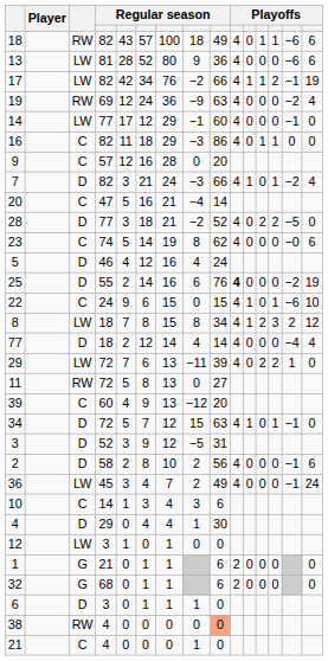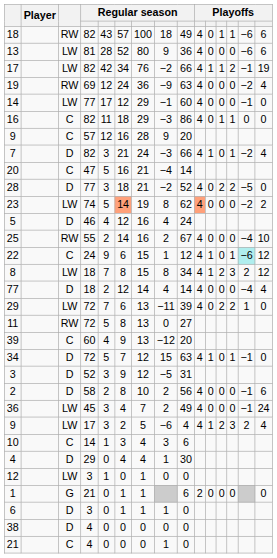 <table class="wikitable sortable plainrowheaders" style="text-align:center;">
 <tr>
 <th scope="col" data-sort-type="number" rowspan="2"></th>
 <th scope="col" rowspan="2">Player</th>
 <th scope="col" rowspan="2"></th>
 <th scope=colgroup colspan=6>Regular season</th>
 <th scope=colgroup colspan=6>Playoffs</th>
 </tr>
 <tr>
 <th scope="col" data-sort-type="number"></th>
 <th scope="col" data-sort-type="number"></th>
 <th scope="col" data-sort-type="number"></th>
 <th scope="col" data-sort-type="number"></th>
 <th scope="col" data-sort-type="number"></th>
 <th scope="col" data-sort-type="number"></th>
 <th scope="col" data-sort-type="number"></th>
 <th scope="col" data-sort-type="number"></th>
 <th scope="col" data-sort-type="number"></th>
 <th scope="col" data-sort-type="number"></th>
 <th scope="col" data-sort-type="number"></th>
 <th scope="col" data-sort-type="number"></th>
 </tr>
 <tr>
 <td scope="row">18</td>
 <td align="left"></td>
 <td>RW</td>
 <td>82</td>
 <td>43</td>
 <td>57</td>
 <td>100</td>
 <td>18</td>
 <td>49</td>
 <td>4</td>
 <td>0</td>
 <td>1</td>
 <td>1</td>
 <td>−6</td>
 <td>6</td>
 </tr>
 <tr>
 <td scope="row">13</td>
 <td align="left"></td>
 <td>LW</td>
 <td>81</td>
 <td>28</td>
 <td>52</td>
 <td>80</td>
 <td>9</td>
 <td>36</td>
 <td>4</td>
 <td>0</td>
 <td>0</td>
 <td>0</td>
 <td>−6</td>
 <td>6</td>
 </tr>
 <tr>
 <td scope="row">17</td>
 <td align="left"></td>
 <td>LW</td>
 <td>82</td>
 <td>42</td>
 <td>34</td>
 <td>76</td>
 <td>−2</td>
 <td>66</td>
 <td>4</td>
 <td>1</td>
 <td>1</td>
 <td>2</td>
 <td>−1</td>
 <td>19</td>
 </tr>
 <tr>
 <td scope="row">19</td>
 <td align="left"></td>
 <td>RW</td>
 <td>69</td>
 <td>12</td>
 <td>24</td>
 <td>36</td>
 <td>−9</td>
 <td>63</td>
 <td>4</td>
 <td>0</td>
 <td>0</td>
 <td>0</td>
 <td>−2</td>
 <td>4</td>
 </tr>
 <tr>
 <td scope="row">14</td>
 <td align="left"></td>
 <td>LW</td>
 <td>77</td>
 <td>17</td>
 <td>12</td>
 <td>29</td>
 <td>−1</td>
 <td>60</td>
 <td>4</td>
 <td>0</td>
 <td>0</td>
 <td>0</td>
 <td>−1</td>
 <td>0</td>
 </tr>
 <tr>
 <td scope="row">16</td>
 <td align="left"></td>
 <td>C</td>
 <td>82</td>
 <td>11</td>
 <td>18</td>
 <td>29</td>
 <td>−3</td>
 <td>86</td>
 <td>4</td>
 <td>0</td>
 <td>1</td>
 <td>1</td>
 <td>0</td>
 <td>0</td>
 </tr>
 <tr>
 <td scope="row">9</td>
 <td align="left"></td>
 <td>C</td>
 <td>57</td>
 <td>12</td>
 <td>16</td>
 <td>28</td>
-<td>0</td>
+<td>9</td>
 <td>20</td>
 <td></td>
 <td></td>
 <td></td>
 <td></td>
 <td></td>
 <td></td>
 </tr>
 <tr>
 <td scope="row">7</td>
 <td align="left"></td>
 <td>D</td>
 <td>82</td>
 <td>3</td>
 <td>21</td>
 <td>24</td>
 <td>−3</td>
 <td>66</td>
 <td>4</td>
 <td>1</td>
 <td>0</td>
 <td>1</td>
 <td>−2</td>
 <td>4</td>
 </tr>
 <tr>
 <td scope="row">20</td>
 <td align="left"></td>
 <td>C</td>
 <td>47</td>
 <td>5</td>
 <td>16</td>
 <td>21</td>
 <td>−4</td>
 <td>14</td>
 <td></td>
 <td></td>
 <td></td>
 <td></td>
 <td></td>
 <td></td>
 </tr>
 <tr>
 <td scope="row">28</td>
 <td align="left"></td>
 <td>D</td>
 <td>77</td>
 <td>3</td>
 <td>18</td>
 <td>21</td>
 <td>−2</td>
 <td>52</td>
 <td>4</td>
 <td>0</td>
 <td>2</td>
 <td>2</td>
 <td>−5</td>
 <td>0</td>
 </tr>
 <tr>
 <td scope="row">23</td>
 <td align="left"></td>
-<td>C</td>
+<td>LW</td>
 <td>74</td>
 <td>5</td>
-<td>14</td>
+<td style="background: lightsalmon;">14</td>
 <td>19</td>
 <td>8</td>
 <td>62</td>
-<td>4</td>
+<td style="background: lightsalmon;">4</td>
 <td>0</td>
 <td>0</td>
 <td>0</td>
-<td>−0</td>
-<td>6</td>
+<td>−2</td>
+<td>2</td>
 </tr>
 <tr>
 <td scope="row">5</td>
 <td align="left"></td>
 <td>D</td>
 <td>46</td>
 <td>4</td>
 <td>12</td>
 <td>16</td>
 <td>4</td>
 <td>24</td>
 <td></td>
 <td></td>
 <td></td>
 <td></td>
 <td></td>
 <td></td>
 </tr>
 <tr>
 <td scope="row">25</td>
 <td align="left"></td>
-<td>D</td>
+<td>RW</td>
 <td>55</td>
 <td>2</td>
 <td>14</td>
 <td>16</td>
-<td>6</td>
-<td>76</td>
-<td><strong>4</strong></td>
+<td>2</td>
+<td>67</td>
+<td>4</td>
 <td>0</td>
 <td>0</td>
 <td>0</td>
-<td>−2</td>
-<td>19</td>
+<td>−4</td>
+<td>10</td>
 </tr>
 <tr>
 <td scope="row">22</td>
 <td align="left"></td>
 <td>C</td>
 <td>24</td>
 <td>9</td>
 <td>6</td>
 <td>15</td>
-<td>0</td>
-<td>15</td>
+<td>1</td>
+<td>12</td>
 <td>4</td>
 <td>1</td>
 <td>0</td>
 <td>1</td>
-<td>−6</td>
-<td>10</td>
+<td style="background: paleturquoise;">−6</td>
+<td>12</td>
 </tr>
 <tr>
 <td scope="row">8</td>
 <td align="left"></td>
 <td>LW</td>
 <td>18</td>
 <td>7</td>
 <td>8</td>
 <td>15</td>
 <td>8</td>
 <td>34</td>
 <td>4</td>
 <td>1</td>
 <td>2</td>
 <td>3</td>
 <td>2</td>
 <td>12</td>
 </tr>
 <tr>
 <td scope="row">77</td>
 <td align="left"></td>
 <td>D</td>
 <td>18</td>
 <td>2</td>
 <td>12</td>
 <td>14</td>
 <td>4</td>
 <td>14</td>
 <td>4</td>
 <td>0</td>
 <td>0</td>
 <td>0</td>
 <td>−4</td>
 <td>4</td>
 </tr>
 <tr>
 <td scope="row">29</td>
 <td align="left"></td>
 <td>LW</td>
 <td>72</td>
 <td>7</td>
 <td>6</td>
 <td>13</td>
 <td>−11</td>
 <td>39</td>
 <td>4</td>
 <td>0</td>
 <td>2</td>
 <td>2</td>
 <td>1</td>
 <td>0</td>
 </tr>
 <tr>
 <td scope="row">11</td>
 <td align="left"></td>
 <td>RW</td>
 <td>72</td>
 <td>5</td>
 <td>8</td>
 <td>13</td>
 <td>0</td>
 <td>27</td>
 <td></td>
 <td></td>
 <td></td>
 <td></td>
 <td></td>
 <td></td>
 </tr>
 <tr>
 <td scope="row">39</td>
 <td align="left"></td>
 <td>C</td>
 <td>60</td>
 <td>4</td>
 <td>9</td>
 <td>13</td>
 <td>−12</td>
 <td>20</td>
 <td></td>
 <td></td>
 <td></td>
 <td></td>
 <td></td>
 <td></td>
 </tr>
 <tr>
 <td scope="row">34</td>
 <td align="left"></td>
 <td>D</td>
 <td>72</td>
 <td>5</td>
 <td>7</td>
 <td>12</td>
 <td>15</td>
 <td>63</td>
 <td>4</td>
 <td>1</td>
 <td>0</td>
 <td>1</td>
 <td>−1</td>
 <td>0</td>
 </tr>
 <tr>
 <td scope="row">3</td>
 <td align="left"></td>
 <td>D</td>
 <td>52</td>
 <td>3</td>
 <td>9</td>
 <td>12</td>
 <td>−5</td>
 <td>31</td>
 <td></td>
 <td></td>
 <td></td>
 <td></td>
 <td></td>
 <td></td>
 </tr>
 <tr>
 <td scope="row">2</td>
 <td align="left"></td>
 <td>D</td>
 <td>58</td>
 <td>2</td>
 <td>8</td>
 <td>10</td>
 <td>2</td>
 <td>56</td>
 <td>4</td>
 <td>0</td>
 <td>0</td>
 <td>0</td>
 <td>−1</td>
 <td>6</td>
 </tr>
 <tr>
 <td scope="row">36</td>
 <td align="left"></td>
 <td>LW</td>
 <td>45</td>
 <td>3</td>
 <td>4</td>
 <td>7</td>
 <td>2</td>
 <td>49</td>
 <td>4</td>
 <td>0</td>
 <td>0</td>
 <td>0</td>
 <td>−1</td>
 <td>24</td>
 </tr>
 <tr>
+<td scope="row">9</td>
+<td align="left"></td>
+<td>LW</td>
+<td>17</td>
+<td>3</td>
+<td>2</td>
+<td>5</td>
+<td>−6</td>
+<td>4</td>
+<td>4</td>
+<td>1</td>
+<td>2</td>
+<td>3</td>
+<td>2</td>
+<td>4</td>
+</tr>
+<tr>
 <td scope="row">10</td>
 <td align="left"></td>
 <td>C</td>
 <td>14</td>
 <td>1</td>
 <td>3</td>
 <td>4</td>
 <td>3</td>
 <td>6</td>
 <td></td>
 <td></td>
 <td></td>
 <td></td>
 <td></td>
 <td></td>
 </tr>
 <tr>
 <td scope="row">4</td>
 <td align="left"></td>
 <td>D</td>
 <td>29</td>
 <td>0</td>
 <td>4</td>
 <td>4</td>
 <td>1</td>
 <td>30</td>
 <td></td>
 <td></td>
 <td></td>
 <td></td>
 <td></td>
 <td></td>
 </tr>
 <tr>
 <td scope="row">12</td>
 <td align="left"></td>
 <td>LW</td>
 <td>3</td>
 <td>1</td>
 <td>0</td>
 <td>1</td>
 <td>0</td>
 <td>0</td>
 <td></td>
 <td></td>
 <td></td>
 <td></td>
 <td></td>
 <td></td>
 </tr>
 <tr>
 <td scope="row">1</td>
 <td align="left"></td>
 <td>G</td>
 <td>21</td>
 <td>0</td>
 <td>1</td>
 <td>1</td>
 <td style="background:#ccc"></td>
 <td>6</td>
 <td>2</td>
 <td>0</td>
 <td>0</td>
 <td>0</td>
 <td style="background:#ccc"></td>
 <td>0</td>
 </tr>
 <tr>
-<td scope="row">32</td>
-<td align="left"></td>
-<td>G</td>
-<td>68</td>
-<td>0</td>
-<td>1</td>
-<td>1</td>
-<td style="background:#ccc"></td>
-<td>6</td>
-<td>2</td>
-<td>0</td>
-<td>0</td>
-<td>0</td>
-<td style="background:#ccc"></td>
-<td>0</td>
-</tr>
-<tr>
 <td scope="row">6</td>
 <td align="left"></td>
 <td>D</td>
 <td>3</td>
 <td>0</td>
 <td>1</td>
 <td>1</td>
 <td>1</td>
 <td>0</td>
 <td></td>
 <td></td>
 <td></td>
 <td></td>
 <td></td>
 <td></td>
 </tr>
 <tr>
 <td scope="row">38</td>
 <td align="left"></td>
-<td>RW</td>
+<td>D</td>
 <td>4</td>
 <td>0</td>
 <td>0</td>
 <td>0</td>
 <td>0</td>
-<td style="background: lightsalmon;">0</td>
+<td>0</td>
 <td></td>
 <td></td>
 <td></td>
 <td></td>
 <td></td>
 <td></td>
 </tr>
 <tr>
 <td scope="row">21</td>
 <td align="left"></td>
 <td>C</td>
 <td>4</td>
 <td>0</td>
 <td>0</td>
 <td>0</td>
 <td>1</td>
 <td>0</td>
 <td></td>
 <td></td>
 <td></td>
 <td></td>
 <td></td>
 <td></td>
 </tr>
 </table>
